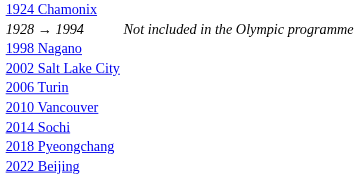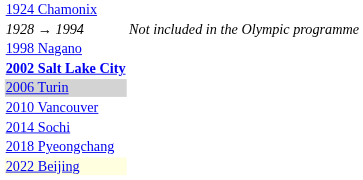 <table>
 <tr>
 <td><a href='#'>1924 Chamonix</a><br></td>
 <td></td>
 <td></td>
 <td></td>
 </tr>
 <tr>
 <td><em>1928 → 1994</em></td>
 <td colspan="3" style="text-align:center;"><em>Not included in the Olympic programme</em></td>
 </tr>
 <tr>
 <td><a href='#'>1998 Nagano</a><br></td>
 <td></td>
 <td></td>
 <td></td>
 </tr>
 <tr>
-<td><a href='#'>2002 Salt Lake City</a><br></td>
+<td><strong><a href='#'>2002 Salt Lake City</a><br></strong></td>
 <td></td>
 <td></td>
 <td></td>
 </tr>
 <tr>
-<td><a href='#'>2006 Turin</a><br></td>
+<td style="background: lightgrey;"><a href='#'>2006 Turin</a><br></td>
 <td></td>
 <td></td>
 <td></td>
 </tr>
 <tr>
 <td><a href='#'>2010 Vancouver</a><br></td>
 <td></td>
 <td></td>
 <td></td>
 </tr>
 <tr>
 <td><a href='#'>2014 Sochi</a><br></td>
 <td></td>
 <td></td>
 <td></td>
 </tr>
 <tr>
 <td><a href='#'>2018 Pyeongchang</a><br></td>
 <td></td>
 <td></td>
 <td></td>
 </tr>
 <tr>
-<td><a href='#'>2022 Beijing</a><br></td>
+<td style="background: lightyellow;"><a href='#'>2022 Beijing</a><br></td>
 <td></td>
 <td></td>
 <td></td>
 </tr>
 </table>
